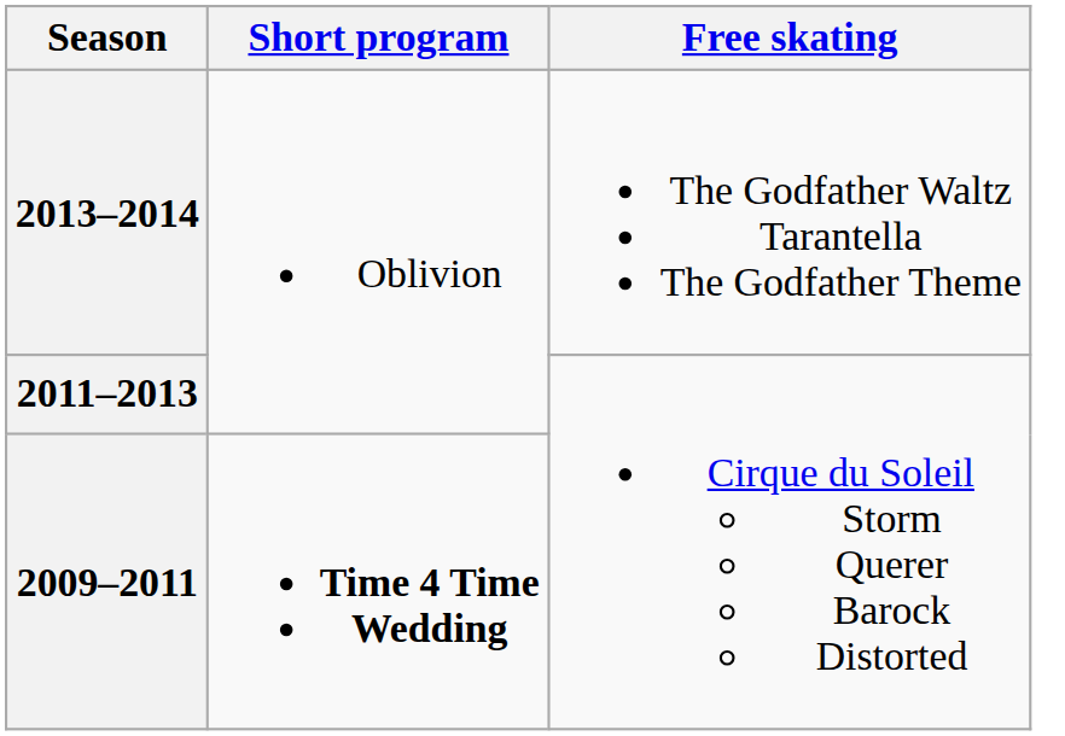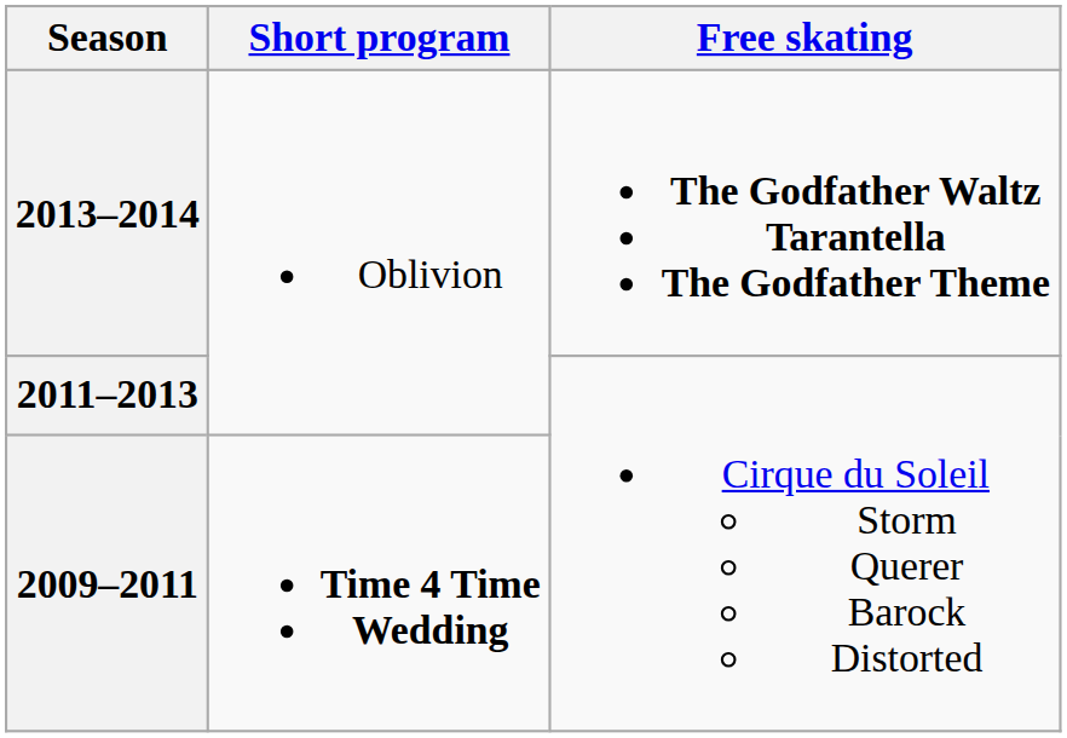 <table class=wikitable style=text-align:center>
 <tr>
 <th>Season</th>
 <th><a href='#'>Short program</a></th>
 <th><a href='#'>Free skating</a></th>
 </tr>
 <tr>
 <th>2013–2014 <br> </th>
 <td rowspan=2><br><ul><li>Oblivion <br></li></ul></td>
-<td><br><ul><li>The Godfather Waltz <br></li><li>Tarantella <br></li><li>The Godfather Theme <br></li></ul></td>
+<td><strong><br><ul><li>The Godfather Waltz <br></li><li>Tarantella <br></li><li>The Godfather Theme <br></li></ul></strong></td>
 </tr>
 <tr>
 <th>2011–2013 <br> </th>
 <td rowspan=2><br><ul><li><a href='#'>Cirque du Soleil</a><ul><li>Storm</li><li>Querer</li><li>Barock</li><li>Distorted</li></ul></li></ul></td>
 </tr>
 <tr>
 <th>2009–2011 <br> </th>
 <td><strong><br><ul><li>Time 4 Time <br></li><li>Wedding <br></li></ul></strong></td>
 </tr>
 </table>
